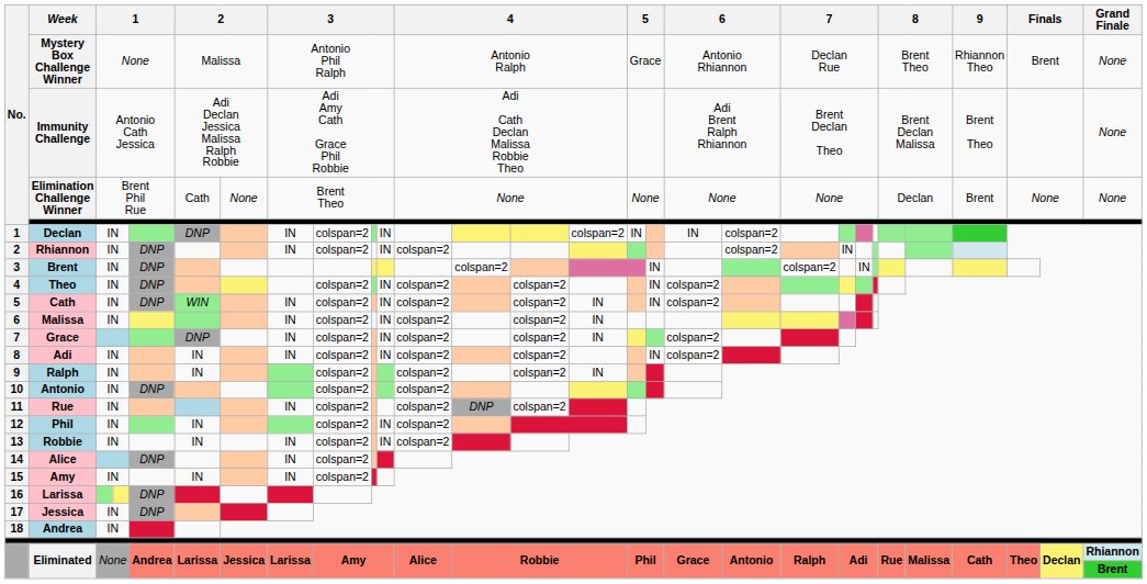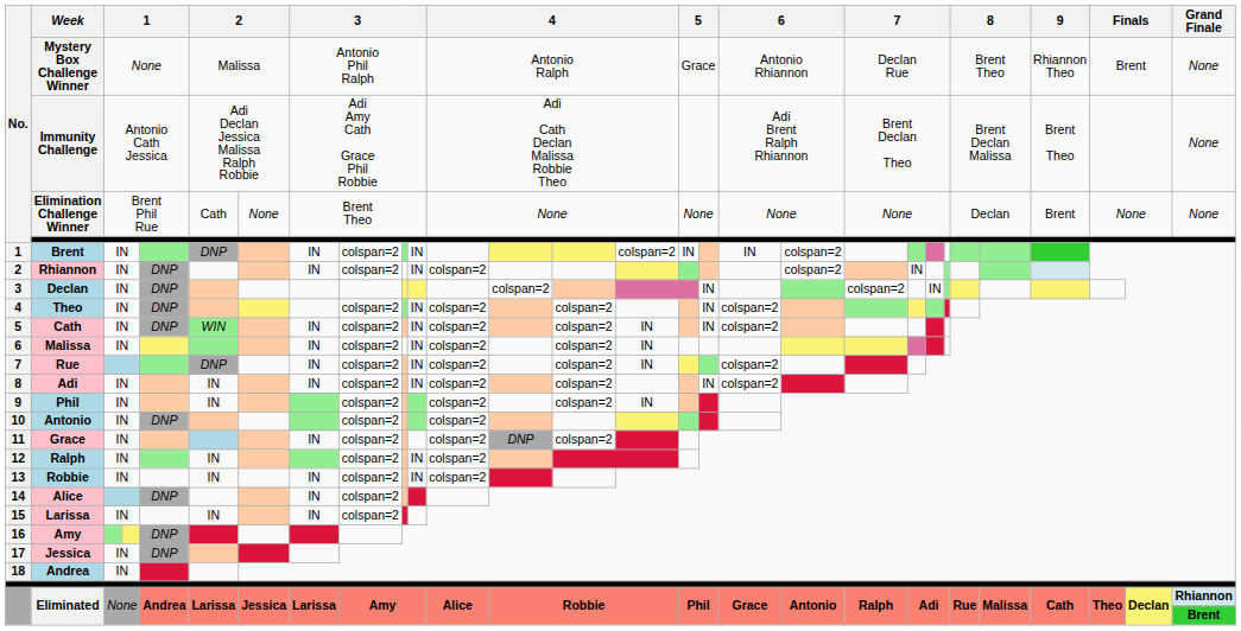 <table class="wikitable" style="text-align:center; width:120px; font-size:90%; line-height:15px">
 <tr>
 <th rowspan=5>No.</th>
 <th><em>Week</em></th>
 <th colspan=3>1</th>
 <th colspan=2>2</th>
 <th colspan=4>3</th>
 <th colspan=4>4</th>
 <th colspan=2>5</th>
 <th colspan=2>6</th>
 <th colspan=4>7</th>
 <th colspan=2>8</th>
 <th>9</th>
 <th colspan=2>Finals</th>
 <th>Grand Finale</th>
 </tr>
 <tr>
 <th>Mystery<br>Box<br>Challenge<br>Winner</th>
 <td colspan=3><em>None</em></td>
 <td colspan=2>Malissa</td>
 <td colspan=4>Antonio<br>Phil<br>Ralph</td>
 <td colspan=4>Antonio<br>Ralph</td>
 <td colspan=2>Grace</td>
 <td colspan=2>Antonio<br>Rhiannon</td>
 <td colspan=4>Declan<br>Rue</td>
 <td colspan=2>Brent<br>Theo</td>
 <td>Rhiannon<br>Theo</td>
 <td colspan=2>Brent</td>
 <td><em>None</em></td>
 </tr>
 <tr>
 <th>Immunity<br>Challenge</th>
 <td colspan=3>Antonio<br>Cath<br>Jessica<br></td>
 <td colspan=2>Adi<br>Declan<br>Jessica<br>Malissa<br>Ralph<br>Robbie<br></td>
 <td colspan=4>Adi<br>Amy<br>Cath<br><br>Grace<br>Phil<br>Robbie</td>
 <td colspan=4>Adi<br><br>Cath<br>Declan<br>Malissa<br>Robbie<br>Theo</td>
 <td colspan=2></td>
 <td colspan=2>Adi<br>Brent<br>Ralph<br>Rhiannon<br><br></td>
 <td colspan=4>Brent<br>Declan<br><br>Theo</td>
 <td colspan=2>Brent<br>Declan<br>Malissa<br></td>
 <td>Brent<br><br>Theo</td>
 <td colspan=2></td>
 <td><em>None</em></td>
 </tr>
 <tr>
 <th>Elimination<br>Challenge<br>Winner</th>
 <td colspan=3>Brent<br>Phil<br>Rue</td>
 <td>Cath</td>
 <td><em>None</em></td>
 <td colspan=4>Brent<br>Theo</td>
 <td colspan=4><em>None</em></td>
 <td colspan=2><em>None</em></td>
 <td colspan=2><em>None</em></td>
 <td colspan=4><em>None</em></td>
 <td colspan=2>Declan</td>
 <td>Brent</td>
 <td colspan=2><em>None</em></td>
 <td><em>None</em></td>
 </tr>
 <tr>
 <td colspan="30" style="background:black;"></td>
 </tr>
 <tr>
 <th>1</th>
-<th style="background:#ADD8E6;">Declan</th>
+<th style="background:#ADD8E6;">Brent</th>
 <td colspan="2">IN</td>
 <td style="background:lightgreen;"></td>
 <td style="background:darkgray;"><em>DNP</em></td>
 <td style="background:#FFCBA4;"></td>
 <td>IN</td>
 <td>colspan=2 </td>
 <td style="background:lightgreen;"></td>
 <td>IN</td>
 <td></td>
 <td style="background:#fbf373;"></td>
 <td style="background:#fbf373;"></td>
 <td>colspan=2 </td>
 <td>IN</td>
 <td style="background:#FFCBA4;"></td>
 <td>IN</td>
 <td>colspan=2 </td>
 <td></td>
 <td style="background:lightgreen;"></td>
 <td style="background:#de6fa1;"></td>
 <td></td>
 <td style="background:lightgreen;"></td>
 <td style="background:lightgreen;"></td>
 <td style="background:limegreen;"></td>
 </tr>
 <tr>
 <th>2</th>
 <th style="background:#FFC0CB;">Rhiannon</th>
 <td colspan="2">IN</td>
 <td style="background:darkgray;"><em>DNP</em></td>
 <td></td>
 <td style="background:#FFCBA4;"></td>
 <td>IN</td>
 <td>colspan=2 </td>
 <td></td>
 <td>IN</td>
 <td>colspan=2 </td>
 <td></td>
 <td></td>
 <td style="background:#fbf373;"></td>
 <td style="background:lightgreen;"></td>
 <td style="background:#FFCBA4;"></td>
 <td></td>
 <td>colspan=2 </td>
 <td style="background:#FFCBA4;"></td>
 <td>IN</td>
 <td></td>
 <td style="background:lightgreen;"></td>
 <td></td>
 <td style="background:lightgreen;"></td>
 <td style="background:#d1e8ef;"></td>
 </tr>
 <tr>
 <th>3</th>
-<th style="background:#ADD8E6;">Brent</th>
+<th style="background:#ADD8E6;">Declan</th>
 <td colspan="2">IN</td>
 <td style="background:darkgray;"><em>DNP</em></td>
 <td style="background:#FFCBA4;"></td>
 <td></td>
 <td></td>
 <td></td>
 <td style="background:#fbf373;"></td>
 <td style="background:#fbf373;"></td>
 <td></td>
 <td>colspan=2 </td>
 <td style="background:#FFCBA4;"></td>
 <td colspan="2" style="background:#de6fa1;"></td>
 <td>IN</td>
 <td></td>
 <td style="background:lightgreen;"></td>
 <td>colspan=2 </td>
 <td></td>
 <td>IN</td>
 <td style="background:lightgreen;"></td>
 <td style="background:#fbf373;"></td>
 <td></td>
 <td style="background:#fbf373;"></td>
 <td></td>
 </tr>
 <tr>
 <th>4</th>
 <th style="background:#ADD8E6;">Theo</th>
 <td colspan="2">IN</td>
 <td style="background:darkgray;"><em>DNP</em></td>
 <td style="background:#FFCBA4;"></td>
 <td style="background:#fbf373;"></td>
 <td></td>
 <td>colspan=2 </td>
 <td style="background:lightgreen;"></td>
 <td>IN</td>
 <td>colspan=2 </td>
 <td style="background:#FFCBA4;"></td>
 <td>colspan=2 </td>
 <td></td>
 <td style="background:#FFCBA4;"></td>
 <td>IN</td>
 <td>colspan=2 </td>
 <td style="background:#FFCBA4;"></td>
 <td style="background:lightgreen;"></td>
 <td style="background:#fbf373;"></td>
 <td style="background:lightgreen;"></td>
 <td style="background:crimson;"></td>
 <td></td>
 </tr>
 <tr>
 <th>5</th>
 <th style="background:#FFC0CB;">Cath</th>
 <td colspan="2">IN</td>
 <td style="background:darkgray;"><em>DNP</em></td>
 <td style="background:lightgreen;"><em>WIN</em></td>
 <td style="background:#FFCBA4;"></td>
 <td>IN</td>
 <td>colspan=2 </td>
 <td style="background:#FFCBA4;"></td>
 <td>IN</td>
 <td>colspan=2 </td>
 <td style="background:#FFCBA4;"></td>
 <td>colspan=2 </td>
 <td>IN</td>
 <td style="background:#FFCBA4;"></td>
 <td>IN</td>
 <td>colspan=2 </td>
 <td style="background:#FFCBA4;"></td>
 <td></td>
 <td></td>
 <td style="background:crimson;"></td>
 <td></td>
 </tr>
 <tr>
 <th>6</th>
 <th style="background:#FFC0CB;">Malissa</th>
 <td colspan="2">IN</td>
 <td style="background:#fbf373;"></td>
 <td style="background:lightgreen;"></td>
 <td style="background:#FFCBA4;"></td>
 <td>IN</td>
 <td>colspan=2 </td>
 <td></td>
 <td>IN</td>
 <td>colspan=2 </td>
 <td></td>
 <td>colspan=2 </td>
 <td>IN</td>
 <td></td>
 <td></td>
 <td></td>
 <td style="background:#fbf373;"></td>
 <td style="background:#fbf373;"></td>
 <td style="background:#de6fa1;"></td>
 <td style="background:crimson;"></td>
 <td></td>
 </tr>
 <tr>
 <th>7</th>
-<th style="background:#FFC0CB;">Grace</th>
+<th style="background:#FFC0CB;">Rue</th>
 <td colspan="2" style="background:lightblue;"></td>
 <td style="background:lightgreen;"></td>
 <td style="background:darkgray;"><em>DNP</em></td>
 <td></td>
 <td>IN</td>
 <td>colspan=2 </td>
 <td style="background:#FFCBA4;"></td>
 <td>IN</td>
 <td>colspan=2 </td>
 <td></td>
 <td>colspan=2 </td>
 <td>IN</td>
 <td style="background:#fbf373;"></td>
 <td style="background:lightgreen;"></td>
 <td>colspan=2 </td>
 <td></td>
 <td style="background:crimson;"></td>
 <td></td>
 </tr>
 <tr>
 <th>8</th>
 <th style="background:#FFC0CB;">Adi</th>
 <td colspan="2">IN</td>
 <td style="background:#FFCBA4;"></td>
 <td>IN</td>
 <td style="background:#FFCBA4;"></td>
 <td>IN</td>
 <td>colspan=2 </td>
 <td style="background:#FFCBA4;"></td>
 <td>IN</td>
 <td>colspan=2 </td>
 <td style="background:#FFCBA4;"></td>
 <td>colspan=2 </td>
 <td></td>
 <td style="background:#FFCBA4;"></td>
 <td>IN</td>
 <td>colspan=2 </td>
 <td style="background:crimson;"></td>
 <td></td>
 </tr>
 <tr>
 <th>9</th>
-<th style="background:#ADD8E6;">Ralph</th>
+<th style="background:#ADD8E6;">Phil</th>
 <td colspan="2">IN</td>
 <td style="background:#FFCBA4;"></td>
 <td>IN</td>
 <td style="background:#FFCBA4;"></td>
 <td style="background:lightgreen;"></td>
 <td>colspan=2 </td>
 <td style="background:#FFCBA4;"></td>
 <td style="background:lightgreen;"></td>
 <td>colspan=2 </td>
 <td></td>
 <td>colspan=2 </td>
 <td>IN</td>
 <td style="background:#FFCBA4;"></td>
 <td style="background:crimson;"></td>
 <td></td>
 </tr>
 <tr>
 <th>10</th>
 <th style="background:#ADD8E6;">Antonio</th>
 <td colspan="2">IN</td>
 <td style="background:darkgray;"><em>DNP</em></td>
 <td style="background:#FFCBA4;"></td>
 <td></td>
 <td style="background:lightgreen;"></td>
 <td>colspan=2 </td>
 <td style="background:#FFCBA4;"></td>
 <td style="background:lightgreen;"></td>
 <td>colspan=2 </td>
 <td style="background:#FFCBA4;"></td>
 <td></td>
 <td style="background:#fbf373;"></td>
 <td style="background:lightgreen;"></td>
 <td style="background:crimson;"></td>
 <td></td>
 </tr>
 <tr>
 <th>11</th>
-<th style="background:#FFC0CB;">Rue</th>
+<th style="background:#FFC0CB;">Grace</th>
 <td colspan="2">IN</td>
 <td style="background:#FFCBA4;"></td>
 <td style="background:lightblue;"></td>
 <td style="background:#FFCBA4;"></td>
 <td>IN</td>
 <td>colspan=2 </td>
 <td style="background:#FFCBA4;"></td>
 <td></td>
 <td>colspan=2 </td>
 <td style="background:darkgray;"><em>DNP</em></td>
 <td>colspan=2 </td>
 <td style="background:crimson;"></td>
 <td></td>
 </tr>
 <tr>
 <th>12</th>
-<th style="background:#ADD8E6;">Phil</th>
+<th style="background:#ADD8E6;">Ralph</th>
 <td colspan="2">IN</td>
 <td style="background:lightgreen;"></td>
 <td>IN</td>
 <td style="background:#FFCBA4;"></td>
 <td style="background:lightgreen;"></td>
 <td>colspan=2 </td>
 <td style="background:#FFCBA4;"></td>
 <td>IN</td>
 <td>colspan=2 </td>
 <td style="background:#FFCBA4;"></td>
 <td colspan=2 style="background:crimson;"></td>
 <td></td>
 </tr>
 <tr>
 <th>13</th>
 <th style="background:#ADD8E6;">Robbie</th>
 <td colspan="2">IN</td>
 <td></td>
 <td>IN</td>
 <td></td>
 <td>IN</td>
 <td>colspan=2 </td>
 <td style="background:#FFCBA4;"></td>
 <td>IN</td>
 <td>colspan=2 </td>
 <td style="background:crimson;"></td>
 <td></td>
 </tr>
 <tr>
 <th>14</th>
 <th style="background:#FFC0CB;">Alice</th>
 <td colspan="2" style="background:lightblue;"></td>
 <td style="background:darkgray;"><em>DNP</em></td>
 <td></td>
 <td style="background:#FFCBA4;"></td>
 <td>IN</td>
 <td>colspan=2 </td>
 <td style="background:#FFCBA4;"></td>
 <td style="background:crimson;"></td>
 <td></td>
 </tr>
 <tr>
 <th>15</th>
-<th style="background:#FFC0CB;">Amy</th>
+<th style="background:#FFC0CB;">Larissa</th>
 <td colspan="2">IN</td>
 <td></td>
 <td>IN</td>
 <td style="background:#FFCBA4;"></td>
 <td>IN</td>
 <td>colspan=2 </td>
 <td style="background:crimson;"></td>
 <td></td>
 </tr>
 <tr>
 <th>16</th>
-<th style="background:#FFC0CB;">Larissa</th>
+<th style="background:#FFC0CB;">Amy</th>
 <td style="background:lightgreen;"></td>
 <td style="background:#fbf373;"></td>
 <td style="background:darkgray;"><em>DNP</em></td>
 <td style="background:crimson;"></td>
 <td></td>
 <td style="background:crimson;"></td>
 <td></td>
 </tr>
 <tr>
 <th>17</th>
 <th style="background:#FFC0CB;">Jessica</th>
 <td colspan="2">IN</td>
 <td style="background:darkgray;"><em>DNP</em></td>
 <td style="background:#FFCBA4;"></td>
 <td style="background:crimson;"></td>
 <td></td>
 </tr>
 <tr>
 <th>18</th>
 <th style="background:#ADD8E6;">Andrea</th>
 <td colspan="2">IN</td>
 <td style="background:crimson;"></td>
 <td></td>
 </tr>
 <tr>
 <td colspan="31" style="background:black;"></td>
 </tr>
 <tr>
 <td rowspan="2" style="background:darkgray;"></td>
 <th rowspan="2">Eliminated</th>
 <td rowspan="2" colspan="2" style="background:darkgray;"><em>None</em></td>
 <td rowspan="2" style="background:salmon;"><strong>Andrea</strong></td>
 <td rowspan="2" style="background:salmon;"><strong>Larissa</strong><br></td>
 <td rowspan="2" style="background:salmon;"><strong>Jessica</strong></td>
 <td rowspan="2" style="background:salmon;"><strong>Larissa</strong><br></td>
 <td rowspan="2" colspan="3" style="background:salmon;"><strong>Amy</strong></td>
 <td rowspan="2" style="background:salmon;"><strong>Alice</strong></td>
 <td rowspan="2" colspan="3" style="background:salmon;"><strong>Robbie</strong></td>
 <td rowspan="2" colspan="2" style="background:salmon;"><strong>Phil</strong></td>
 <td rowspan="2" style="background:salmon;"><strong>Grace</strong></td>
 <td rowspan="2" style="background:salmon;"><strong>Antonio</strong></td>
 <td rowspan="2" style="background:salmon;"><strong>Ralph</strong></td>
 <td rowspan="2" colspan="3" style="background:salmon;"><strong>Adi</strong></td>
 <td rowspan="2" style="background:salmon;"><strong>Rue</strong></td>
 <td rowspan="2" style="background:salmon;"><strong>Malissa</strong></td>
 <td rowspan="2" style="background:salmon;"><strong>Cath</strong></td>
 <td rowspan="2" style="background:salmon;"><strong>Theo</strong></td>
 <td rowspan="2" style="background:#fbf373;"><strong>Declan</strong></td>
 <td style="background:#d1e8ef;"><strong>Rhiannon</strong></td>
 </tr>
 <tr>
 <td style="background:limegreen;"><strong>Brent</strong></td>
 </tr>
 </table>
